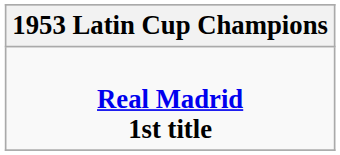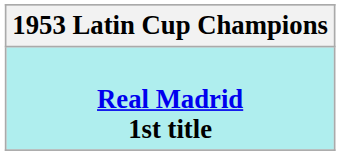 <table class=wikitable style="text-align:center; margin:auto">
 <tr>
 <th>1953 Latin Cup Champions</th>
 </tr>
 <tr>
-<td><br> <strong><a href='#'>Real Madrid</a></strong> <br> <strong>1st title</strong></td>
+<td style="background: paleturquoise;"><br> <strong><a href='#'>Real Madrid</a></strong> <br> <strong>1st title</strong></td>
 </tr>
 </table>
